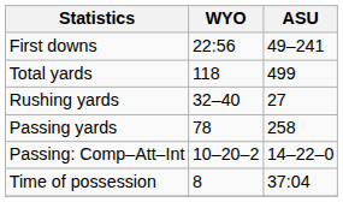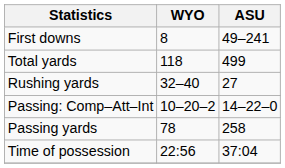 <table class="wikitable" style="float: left;">
 <tr>
 <th>Statistics</th>
 <th>WYO</th>
 <th>ASU</th>
 </tr>
 <tr>
 <td>First downs</td>
-<td>22:56</td>
+<td>8</td>
 <td>49–241</td>
 </tr>
 <tr>
 <td>Total yards</td>
 <td>118</td>
 <td>499</td>
 </tr>
 <tr>
 <td>Rushing yards</td>
 <td>32–40</td>
 <td>27</td>
 </tr>
 <tr>
+<td>Passing: Comp–Att–Int</td>
+<td>10–20–2</td>
+<td>14–22–0</td>
+</tr>
+<tr>
 <td>Passing yards</td>
 <td>78</td>
 <td>258</td>
 </tr>
 <tr>
-<td>Passing: Comp–Att–Int</td>
-<td>10–20–2</td>
-<td>14–22–0</td>
-</tr>
-<tr>
 <td>Time of possession</td>
-<td>8</td>
+<td>22:56</td>
 <td>37:04</td>
 </tr>
 <tr>
 </tr>
 </table>
